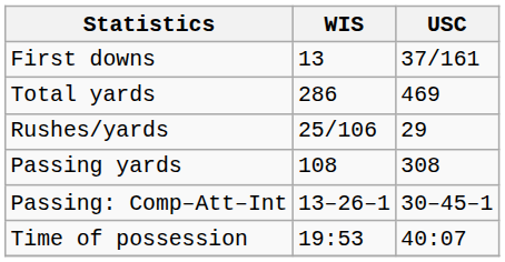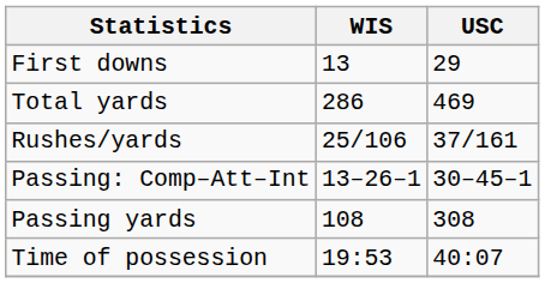 <table class="wikitable" style="float: left;">
 <tr>
 <th>Statistics</th>
 <th>WIS</th>
 <th>USC</th>
 </tr>
 <tr>
 <td>First downs</td>
 <td>13</td>
-<td>37/161</td>
+<td>29</td>
 </tr>
 <tr>
 <td>Total yards</td>
 <td>286</td>
 <td>469</td>
 </tr>
 <tr>
 <td>Rushes/yards</td>
 <td>25/106</td>
-<td>29</td>
+<td>37/161</td>
+</tr>
+<tr>
+<td>Passing: Comp–Att–Int</td>
+<td>13–26–1</td>
+<td>30–45–1</td>
 </tr>
 <tr>
 <td>Passing yards</td>
 <td>108</td>
 <td>308</td>
-</tr>
-<tr>
-<td>Passing: Comp–Att–Int</td>
-<td>13–26–1</td>
-<td>30–45–1</td>
 </tr>
 <tr>
 <td>Time of possession</td>
 <td>19:53</td>
 <td>40:07</td>
 </tr>
 <tr>
 </tr>
 </table>
